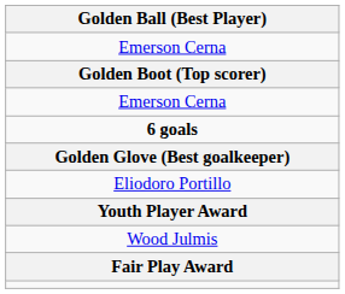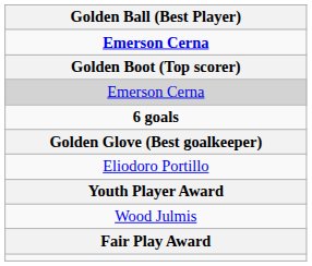 <table class="wikitable" style="margin:1em auto;">
 <tr>
 <th width=300>Golden Ball (Best Player)</th>
 </tr>
 <tr>
-<td align=center> <a href='#'>Emerson Cerna</a></td>
+<td align=center><strong> <a href='#'>Emerson Cerna</a></strong></td>
 </tr>
 <tr>
 <th>Golden Boot (Top scorer)</th>
 </tr>
 <tr>
-<td align=center> <a href='#'>Emerson Cerna</a></td>
+<td align=center style="background: lightgrey;"> <a href='#'>Emerson Cerna</a></td>
 </tr>
 <tr>
 <td align=center><strong>6 goals</strong></td>
 </tr>
 <tr>
 <th>Golden Glove (Best goalkeeper)</th>
 </tr>
 <tr>
 <td align=center> <a href='#'>Eliodoro Portillo</a></td>
 </tr>
 <tr>
 <th>Youth Player Award</th>
 </tr>
 <tr>
 <td align=center> <a href='#'>Wood Julmis</a></td>
 </tr>
 <tr>
 <th>Fair Play Award</th>
 </tr>
 <tr>
 <td align=center></td>
 </tr>
 </table>
